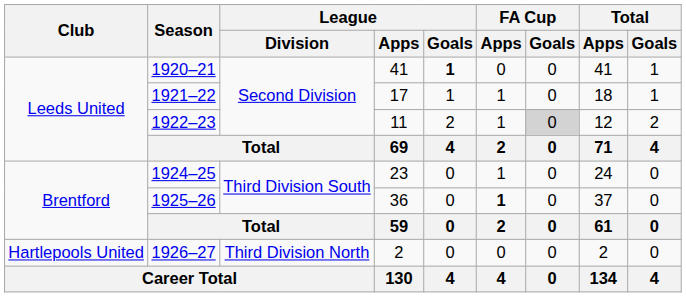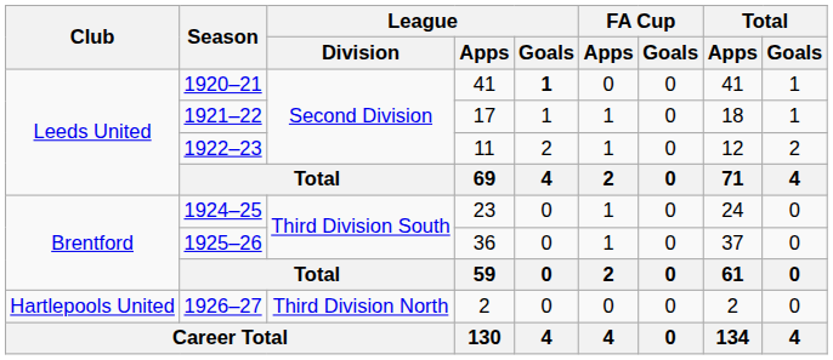 <table class="wikitable" style="text-align: center;">
 <tr>
 <th rowspan="2">Club</th>
 <th rowspan="2">Season</th>
 <th colspan="3">League</th>
 <th colspan="2">FA Cup</th>
 <th colspan="2">Total</th>
 </tr>
 <tr>
 <th>Division</th>
 <th>Apps</th>
 <th>Goals</th>
 <th>Apps</th>
 <th>Goals</th>
 <th>Apps</th>
 <th>Goals</th>
 </tr>
 <tr>
 <td rowspan="4"><a href='#'>Leeds United</a></td>
 <td><a href='#'>1920–21</a></td>
 <td rowspan="3"><a href='#'>Second Division</a></td>
 <td>41</td>
 <td><strong>1</strong></td>
 <td>0</td>
 <td>0</td>
 <td>41</td>
 <td>1</td>
 </tr>
 <tr>
 <td><a href='#'>1921–22</a></td>
 <td>17</td>
 <td>1</td>
 <td>1</td>
 <td>0</td>
 <td>18</td>
 <td>1</td>
 </tr>
 <tr>
 <td><a href='#'>1922–23</a></td>
 <td>11</td>
 <td>2</td>
 <td>1</td>
-<td style="background: lightgrey;">0</td>
+<td>0</td>
 <td>12</td>
 <td>2</td>
 </tr>
 <tr>
 <th colspan="2">Total</th>
 <th>69</th>
 <th>4</th>
 <th>2</th>
 <th>0</th>
 <th>71</th>
 <th>4</th>
 </tr>
 <tr>
 <td rowspan="3"><a href='#'>Brentford</a></td>
 <td><a href='#'>1924–25</a></td>
 <td rowspan="2"><a href='#'>Third Division South</a></td>
 <td>23</td>
 <td>0</td>
 <td>1</td>
 <td>0</td>
 <td>24</td>
 <td>0</td>
 </tr>
 <tr>
 <td><a href='#'>1925–26</a></td>
 <td>36</td>
 <td>0</td>
-<td><strong>1</strong></td>
+<td>1</td>
 <td>0</td>
 <td>37</td>
 <td>0</td>
 </tr>
 <tr>
 <th colspan="2">Total</th>
 <th>59</th>
 <th>0</th>
 <th>2</th>
 <th>0</th>
 <th>61</th>
 <th>0</th>
 </tr>
 <tr>
 <td><a href='#'>Hartlepools United</a></td>
 <td><a href='#'>1926–27</a></td>
 <td><a href='#'>Third Division North</a></td>
 <td>2</td>
 <td>0</td>
 <td>0</td>
 <td>0</td>
 <td>2</td>
 <td>0</td>
 </tr>
 <tr>
 <th colspan="3">Career Total</th>
 <th>130</th>
 <th>4</th>
 <th>4</th>
 <th>0</th>
 <th>134</th>
 <th>4</th>
 </tr>
 </table>
